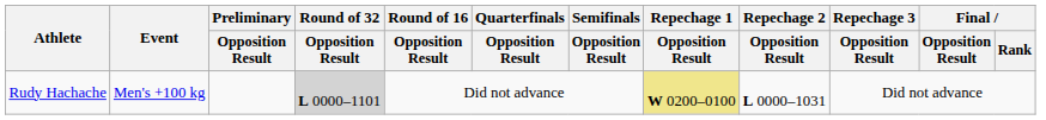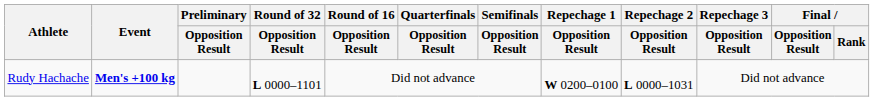 <table class="wikitable" style="font-size:90%">
 <tr>
 <th rowspan="2">Athlete</th>
 <th rowspan="2">Event</th>
 <th>Preliminary</th>
 <th>Round of 32</th>
 <th>Round of 16</th>
 <th>Quarterfinals</th>
 <th>Semifinals</th>
 <th>Repechage 1</th>
 <th>Repechage 2</th>
 <th>Repechage 3</th>
 <th colspan=2>Final / </th>
 </tr>
 <tr style="font-size:95%">
 <th>Opposition<br>Result</th>
 <th>Opposition<br>Result</th>
 <th>Opposition<br>Result</th>
 <th>Opposition<br>Result</th>
 <th>Opposition<br>Result</th>
 <th>Opposition<br>Result</th>
 <th>Opposition<br>Result</th>
 <th>Opposition<br>Result</th>
 <th>Opposition<br>Result</th>
 <th>Rank</th>
 </tr>
 <tr align=center>
 <td align=left><a href='#'>Rudy Hachache</a></td>
-<td align=left><a href='#'>Men's +100 kg</a></td>
+<td align=left><strong><a href='#'>Men's +100 kg</a></strong></td>
 <td></td>
-<td style="background: lightgrey;"><br><strong>L</strong> 0000–1101</td>
+<td><br><strong>L</strong> 0000–1101</td>
 <td colspan=3>Did not advance</td>
-<td style="background: khaki;"><br><strong>W</strong> 0200–0100</td>
+<td><br><strong>W</strong> 0200–0100</td>
 <td><br><strong>L</strong> 0000–1031</td>
 <td colspan=3>Did not advance</td>
 </tr>
 </table>
